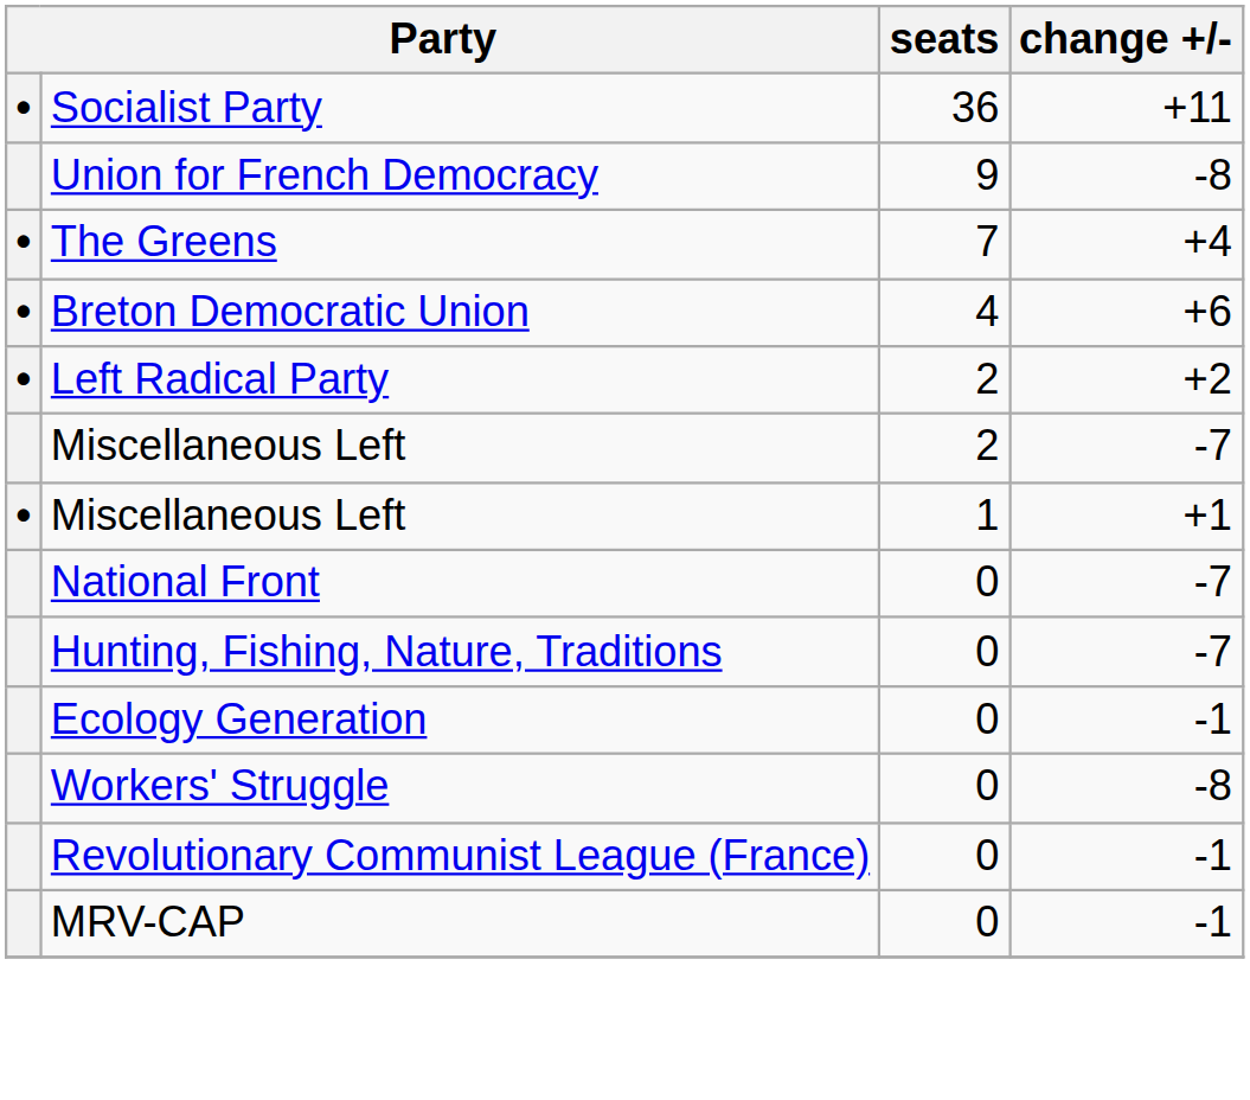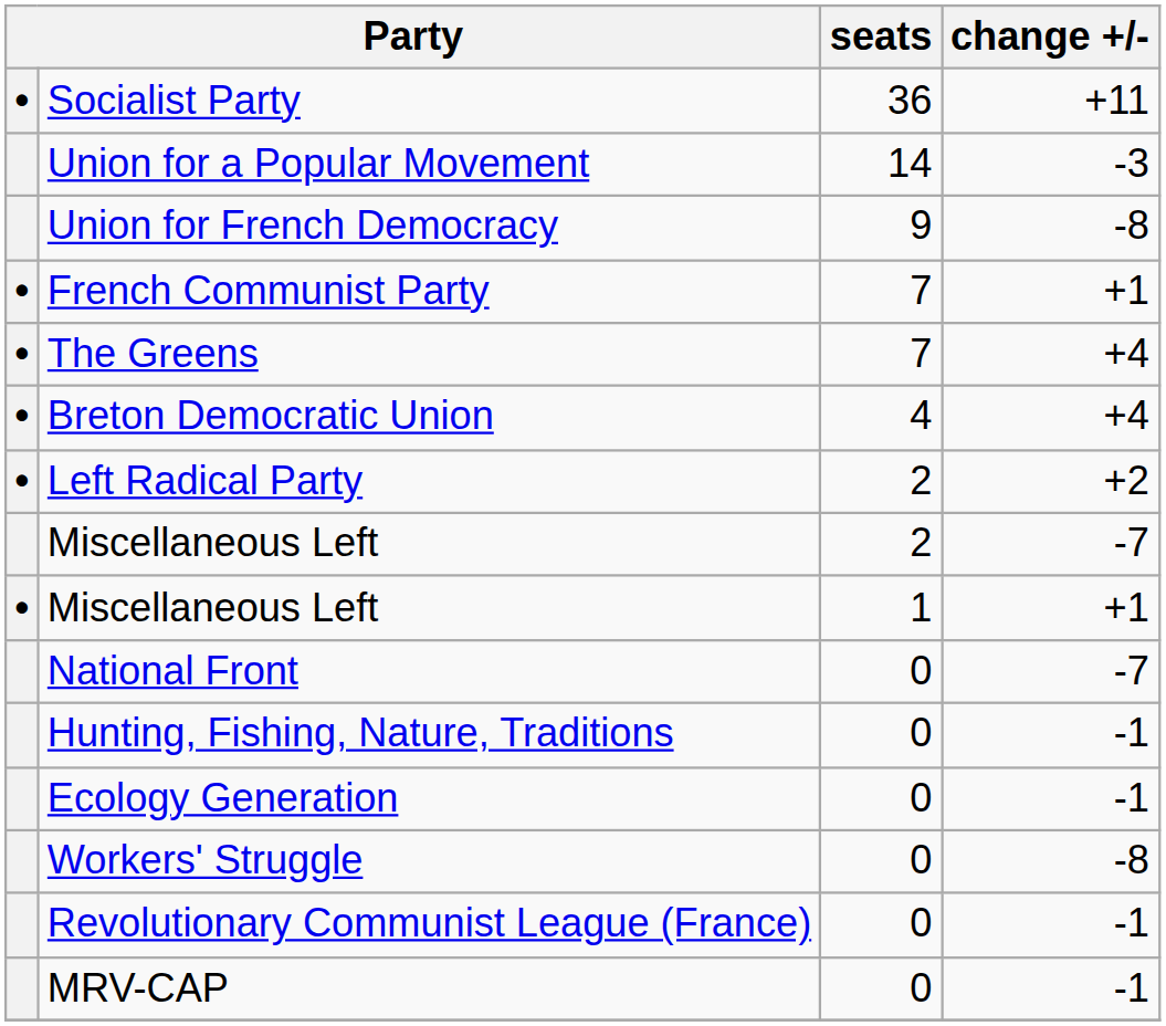 <table class="wikitable">
 <tr>
 <th colspan=2>Party</th>
 <th>seats</th>
 <th>change +/-</th>
 </tr>
 <tr>
 <th style="background-color: "><span>•</span></th>
 <td><a href='#'>Socialist Party</a></td>
 <td align="right">36</td>
 <td align="right">+11</td>
 </tr>
 <tr>
 <th style="background-color: "></th>
+<td><a href='#'>Union for a Popular Movement</a></td>
+<td align="right">14</td>
+<td align="right">-3</td>
+</tr>
+<tr>
+<th style="background-color: "></th>
 <td><a href='#'>Union for French Democracy</a></td>
 <td align="right">9</td>
 <td align="right">-8</td>
+</tr>
+<tr>
+<th style="background-color: "><span>•</span></th>
+<td><a href='#'>French Communist Party</a></td>
+<td align="right">7</td>
+<td align="right">+1</td>
 </tr>
 <tr>
 <th style="background-color: "><span>•</span></th>
 <td><a href='#'>The Greens</a></td>
 <td align="right">7</td>
 <td align="right">+4</td>
 </tr>
 <tr>
 <th style="background-color: "><span>•</span></th>
 <td><a href='#'>Breton Democratic Union</a></td>
 <td align="right">4</td>
-<td align="right">+6</td>
+<td align="right">+4</td>
 </tr>
 <tr>
 <th style="background-color: "><span>•</span></th>
 <td><a href='#'>Left Radical Party</a></td>
 <td align="right">2</td>
 <td align="right">+2</td>
 </tr>
 <tr>
 <th style="background-color: "></th>
 <td>Miscellaneous Left</td>
 <td align="right">2</td>
 <td align="right">-7</td>
 </tr>
 <tr>
 <th style="background-color: "><span>•</span></th>
 <td>Miscellaneous Left</td>
 <td align="right">1</td>
 <td align="right">+1</td>
 </tr>
 <tr>
 <th style="background-color: "></th>
 <td><a href='#'>National Front</a></td>
 <td align="right">0</td>
 <td align="right">-7</td>
 </tr>
 <tr>
 <th style="background-color: "></th>
 <td><a href='#'>Hunting, Fishing, Nature, Traditions</a></td>
 <td align="right">0</td>
-<td align="right">-7</td>
+<td align="right">-1</td>
 </tr>
 <tr>
 <th style="background-color: "></th>
 <td><a href='#'>Ecology Generation</a></td>
 <td align="right">0</td>
 <td align="right">-1</td>
 </tr>
 <tr>
 <th style="background-color: "></th>
 <td><a href='#'>Workers' Struggle</a></td>
 <td align="right">0</td>
 <td align="right">-8</td>
 </tr>
 <tr>
 <th style="background-color: "></th>
 <td><a href='#'>Revolutionary Communist League (France)</a></td>
 <td align="right">0</td>
 <td align="right">-1</td>
 </tr>
 <tr>
 <th style="background-color: "></th>
 <td>MRV-CAP</td>
 <td align="right">0</td>
 <td align="right">-1</td>
 </tr>
 <tr>
 </tr>
 </table>
